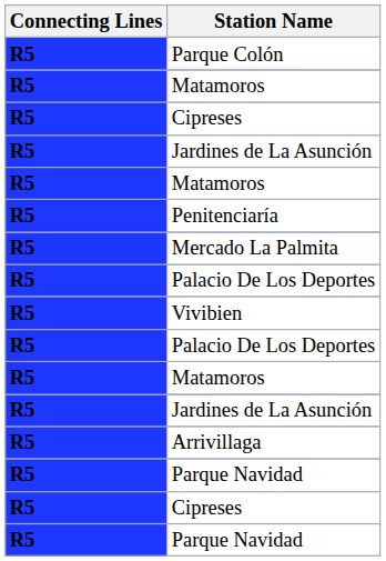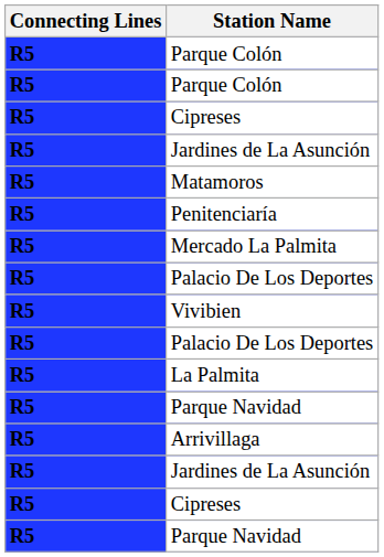 <table class="wikitable">
 <tr>
 <th>Connecting Lines</th>
 <th>Station Name</th>
 </tr>
 <tr style="background-color: #1e37fe;">
 <td><span><strong>R5</strong></span></td>
 <td style="background-color:white;">Parque Colón</td>
 </tr>
 <tr style="background-color: #1e37fe;">
 <td><span><strong>R5</strong></span></td>
-<td style="background-color:white;">Matamoros</td>
+<td style="background-color:white;">Parque Colón</td>
 </tr>
 <tr style="background-color: #1e37fe;">
 <td><span><strong>R5</strong></span></td>
 <td style="background-color:white;">Cipreses</td>
 </tr>
 <tr style="background-color: #1e37fe;">
 <td><span><strong>R5</strong></span></td>
 <td style="background-color:white;">Jardines de La Asunción</td>
 </tr>
 <tr style="background-color: #1e37fe;">
 <td><span><strong>R5</strong></span></td>
 <td style="background-color:white;">Matamoros</td>
 </tr>
 <tr style="background-color: #1e37fe;">
 <td><span><strong>R5</strong></span></td>
 <td style="background-color:white;">Penitenciaría</td>
 </tr>
 <tr style="background-color: #1e37fe;">
 <td><span><strong>R5</strong></span></td>
 <td style="background-color:white;">Mercado La Palmita</td>
 </tr>
 <tr style="background-color: #1e37fe;">
 <td><span><strong>R5</strong></span></td>
 <td style="background-color:white;">Palacio De Los Deportes</td>
 </tr>
 <tr style="background-color: #1e37fe;">
 <td><span><strong>R5</strong></span></td>
 <td style="background-color:white;">Vivibien</td>
 </tr>
 <tr style="background-color: #1e37fe;">
 <td><span><strong>R5</strong></span></td>
 <td style="background-color:white;">Palacio De Los Deportes</td>
 </tr>
 <tr style="background-color: #1e37fe;">
 <td><span><strong>R5</strong></span></td>
-<td style="background-color:white;">Matamoros</td>
+<td style="background-color:white;">La Palmita</td>
 </tr>
 <tr style="background-color: #1e37fe;">
 <td><span><strong>R5</strong></span></td>
-<td style="background-color:white;">Jardines de La Asunción</td>
+<td style="background-color:white;">Parque Navidad</td>
 </tr>
 <tr style="background-color: #1e37fe;">
 <td><span><strong>R5</strong></span></td>
 <td style="background-color:white;">Arrivillaga</td>
 </tr>
 <tr style="background-color: #1e37fe;">
 <td><span><strong>R5</strong></span></td>
-<td style="background-color:white;">Parque Navidad</td>
+<td style="background-color:white;">Jardines de La Asunción</td>
 </tr>
 <tr style="background-color: #1e37fe;">
 <td><span><strong>R5</strong></span></td>
 <td style="background-color:white;">Cipreses</td>
 </tr>
 <tr style="background-color: #1e37fe;">
 <td><span><strong>R5</strong></span></td>
 <td style="background-color:white;">Parque Navidad</td>
 </tr>
 </table>
